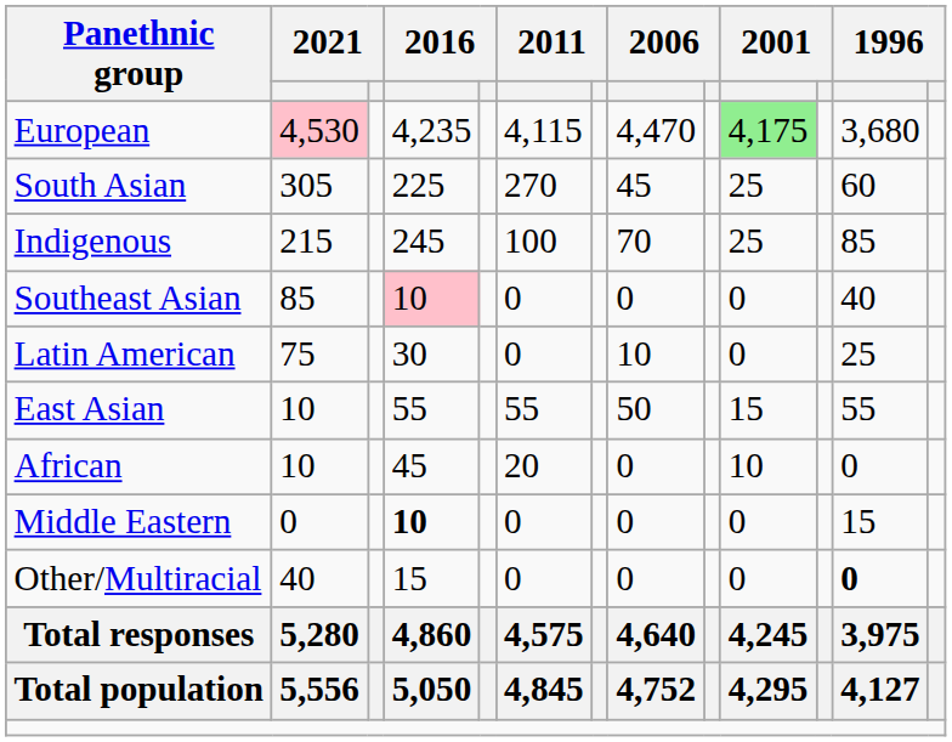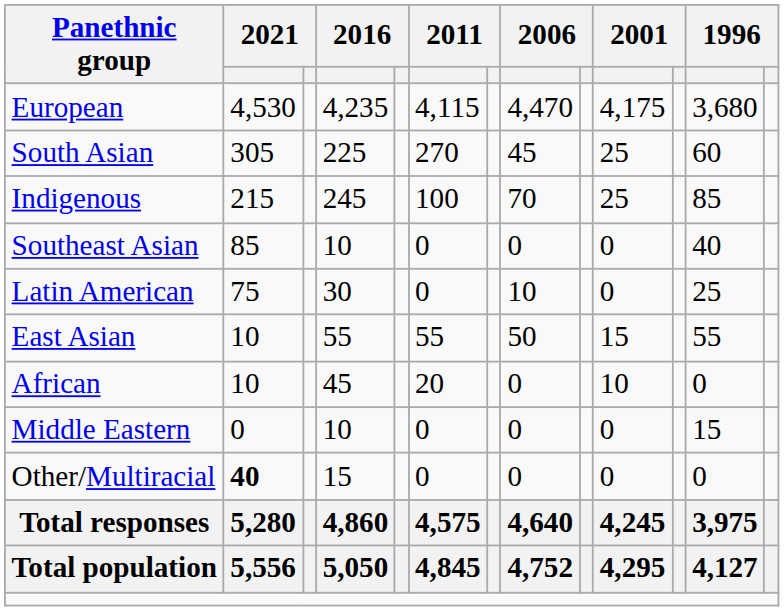 <table class="wikitable collapsible sortable">
 <tr>
 <th rowspan="2"><a href='#'>Panethnic</a><br>group</th>
 <th colspan="2">2021</th>
 <th colspan="2">2016</th>
 <th colspan="2">2011</th>
 <th colspan="2">2006</th>
 <th colspan="2">2001</th>
 <th colspan="2">1996</th>
 </tr>
 <tr>
 <th><a href='#'></a></th>
 <th></th>
 <th></th>
 <th></th>
 <th></th>
 <th></th>
 <th></th>
 <th></th>
 <th></th>
 <th></th>
 <th></th>
 <th></th>
 </tr>
 <tr>
 <td><a href='#'>European</a></td>
-<td style="background: pink;">4,530</td>
+<td>4,530</td>
 <td></td>
 <td>4,235</td>
 <td></td>
 <td>4,115</td>
 <td></td>
 <td>4,470</td>
 <td></td>
-<td style="background: lightgreen;">4,175</td>
+<td>4,175</td>
 <td></td>
 <td>3,680</td>
 <td></td>
 </tr>
 <tr>
 <td><a href='#'>South Asian</a></td>
 <td>305</td>
 <td></td>
 <td>225</td>
 <td></td>
 <td>270</td>
 <td></td>
 <td>45</td>
 <td></td>
 <td>25</td>
 <td></td>
 <td>60</td>
 <td></td>
 </tr>
 <tr>
 <td><a href='#'>Indigenous</a></td>
 <td>215</td>
 <td></td>
 <td>245</td>
 <td></td>
 <td>100</td>
 <td></td>
 <td>70</td>
 <td></td>
 <td>25</td>
 <td></td>
 <td>85</td>
 <td></td>
 </tr>
 <tr>
 <td><a href='#'>Southeast Asian</a></td>
 <td>85</td>
 <td></td>
-<td style="background: pink;">10</td>
+<td>10</td>
 <td></td>
 <td>0</td>
 <td></td>
 <td>0</td>
 <td></td>
 <td>0</td>
 <td></td>
 <td>40</td>
 <td></td>
 </tr>
 <tr>
 <td><a href='#'>Latin American</a></td>
 <td>75</td>
 <td></td>
 <td>30</td>
 <td></td>
 <td>0</td>
 <td></td>
 <td>10</td>
 <td></td>
 <td>0</td>
 <td></td>
 <td>25</td>
 <td></td>
 </tr>
 <tr>
 <td><a href='#'>East Asian</a></td>
 <td>10</td>
 <td></td>
 <td>55</td>
 <td></td>
 <td>55</td>
 <td></td>
 <td>50</td>
 <td></td>
 <td>15</td>
 <td></td>
 <td>55</td>
 <td></td>
 </tr>
 <tr>
 <td><a href='#'>African</a></td>
 <td>10</td>
 <td></td>
 <td>45</td>
 <td></td>
 <td>20</td>
 <td></td>
 <td>0</td>
 <td></td>
 <td>10</td>
 <td></td>
 <td>0</td>
 <td></td>
 </tr>
 <tr>
 <td><a href='#'>Middle Eastern</a></td>
 <td>0</td>
 <td></td>
-<td><strong>10</strong></td>
+<td>10</td>
 <td></td>
 <td>0</td>
 <td></td>
 <td>0</td>
 <td></td>
 <td>0</td>
 <td></td>
 <td>15</td>
 <td></td>
 </tr>
 <tr>
 <td>Other/<a href='#'>Multiracial</a></td>
-<td>40</td>
+<td><strong>40</strong></td>
 <td></td>
 <td>15</td>
 <td></td>
 <td>0</td>
 <td></td>
 <td>0</td>
 <td></td>
 <td>0</td>
 <td></td>
-<td><strong>0</strong></td>
+<td>0</td>
 <td></td>
 </tr>
 <tr>
 <th>Total responses</th>
 <th>5,280</th>
 <th></th>
 <th>4,860</th>
 <th></th>
 <th>4,575</th>
 <th></th>
 <th>4,640</th>
 <th></th>
 <th>4,245</th>
 <th></th>
 <th>3,975</th>
 <th></th>
 </tr>
 <tr>
 <th>Total population</th>
 <th>5,556</th>
 <th></th>
 <th>5,050</th>
 <th></th>
 <th>4,845</th>
 <th></th>
 <th>4,752</th>
 <th></th>
 <th>4,295</th>
 <th></th>
 <th>4,127</th>
 <th></th>
 </tr>
 <tr class="sortbottom">
 <td colspan="15"></td>
 </tr>
 </table>
